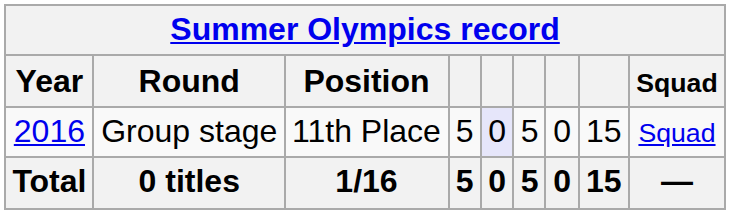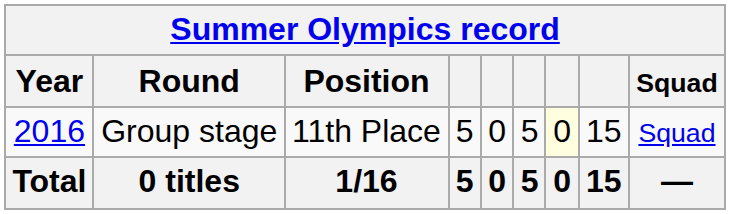 <table class="wikitable" style="text-align: center;">
 <tr>
 <th colspan=9><a href='#'>Summer Olympics record</a></th>
 </tr>
 <tr>
 <th>Year</th>
 <th>Round</th>
 <th>Position</th>
 <th></th>
 <th></th>
 <th></th>
 <th></th>
 <th></th>
 <th><small>Squad</small></th>
 </tr>
 <tr>
 <td> <a href='#'>2016</a></td>
 <td>Group stage</td>
 <td>11th Place</td>
 <td>5</td>
-<td style="background: lavender;">0</td>
+<td>0</td>
 <td>5</td>
-<td>0</td>
+<td style="background: lightyellow;">0</td>
 <td>15</td>
 <td><small><a href='#'>Squad</a></small></td>
 </tr>
 <tr>
 <th>Total</th>
 <th>0 titles</th>
 <th>1/16</th>
 <th>5</th>
 <th>0</th>
 <th>5</th>
 <th>0</th>
 <th>15</th>
 <th>—</th>
 </tr>
 </table>
